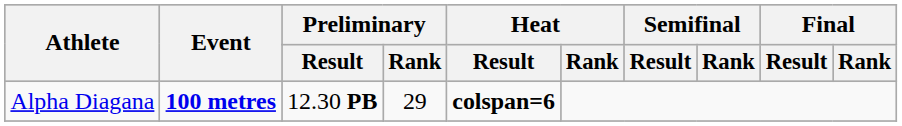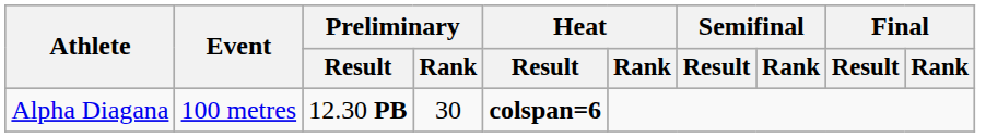 <table class="wikitable" style="font-size:90%">
 <tr>
 <th rowspan="2">Athlete</th>
 <th rowspan="2">Event</th>
 <th colspan="2">Preliminary</th>
 <th colspan="2">Heat</th>
 <th colspan="2">Semifinal</th>
 <th colspan="2">Final</th>
 </tr>
 <tr style="font-size:95%">
 <th>Result</th>
 <th>Rank</th>
 <th>Result</th>
 <th>Rank</th>
 <th>Result</th>
 <th>Rank</th>
 <th>Result</th>
 <th>Rank</th>
 </tr>
 <tr style=text-align:center>
 <td style=text-align:left><a href='#'>Alpha Diagana</a></td>
-<td style=text-align:left><strong><a href='#'>100 metres</a></strong></td>
+<td style=text-align:left><a href='#'>100 metres</a></td>
 <td>12.30 <strong>PB</strong></td>
-<td>29</td>
+<td>30</td>
 <td><strong>colspan=6 </strong></td>
 </tr>
 </table>
